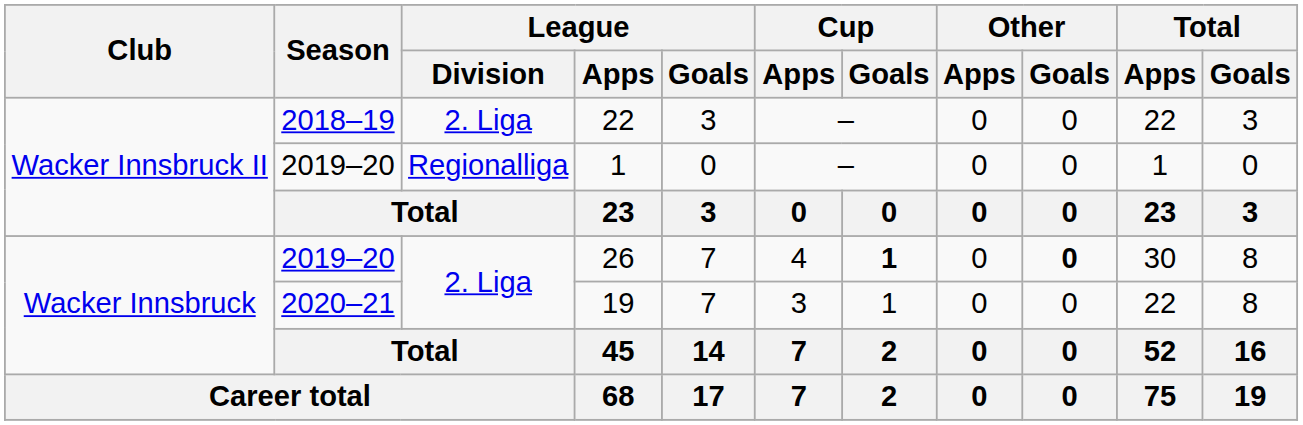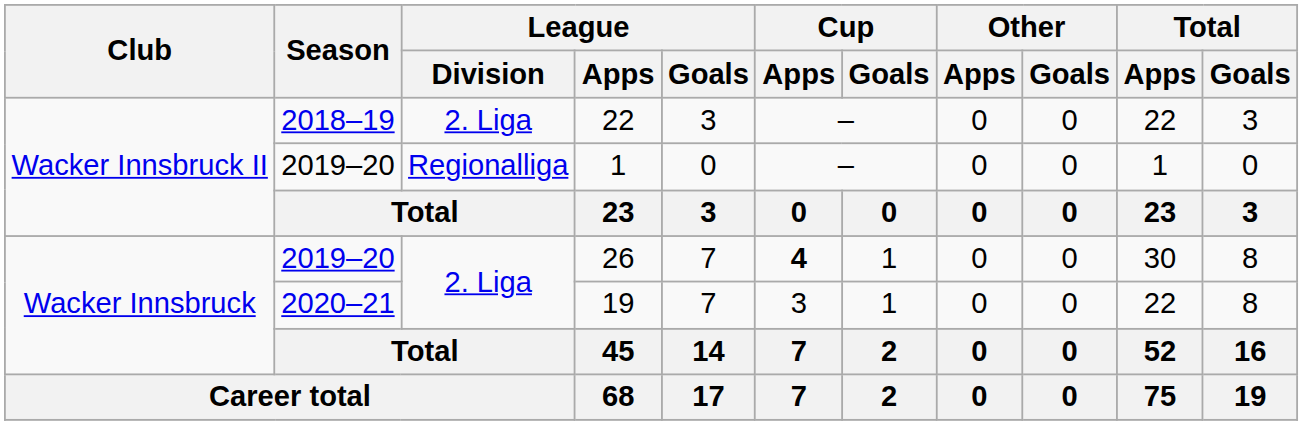 <table class="wikitable" style="text-align: center">
 <tr>
 <th rowspan="2">Club</th>
 <th rowspan="2">Season</th>
 <th colspan="3">League</th>
 <th colspan="2">Cup</th>
 <th colspan="2">Other</th>
 <th colspan="2">Total</th>
 </tr>
 <tr>
 <th>Division</th>
 <th>Apps</th>
 <th>Goals</th>
 <th>Apps</th>
 <th>Goals</th>
 <th>Apps</th>
 <th>Goals</th>
 <th>Apps</th>
 <th>Goals</th>
 </tr>
 <tr>
 <td rowspan="3"><a href='#'>Wacker Innsbruck II</a></td>
 <td><a href='#'>2018–19</a></td>
 <td><a href='#'>2. Liga</a></td>
 <td>22</td>
 <td>3</td>
 <td colspan="2">–</td>
 <td>0</td>
 <td>0</td>
 <td>22</td>
 <td>3</td>
 </tr>
 <tr>
 <td>2019–20</td>
 <td><a href='#'>Regionalliga</a></td>
 <td>1</td>
 <td>0</td>
 <td colspan="2">–</td>
 <td>0</td>
 <td>0</td>
 <td>1</td>
 <td>0</td>
 </tr>
 <tr>
 <th colspan=2>Total</th>
 <th>23</th>
 <th>3</th>
 <th>0</th>
 <th>0</th>
 <th>0</th>
 <th>0</th>
 <th>23</th>
 <th>3</th>
 </tr>
 <tr>
 <td rowspan="3"><a href='#'>Wacker Innsbruck</a></td>
 <td><a href='#'>2019–20</a></td>
 <td rowspan="2"><a href='#'>2. Liga</a></td>
 <td>26</td>
 <td>7</td>
-<td>4</td>
-<td><strong>1</strong></td>
+<td><strong>4</strong></td>
+<td>1</td>
 <td>0</td>
-<td><strong>0</strong></td>
+<td>0</td>
 <td>30</td>
 <td>8</td>
 </tr>
 <tr>
 <td><a href='#'>2020–21</a></td>
 <td>19</td>
 <td>7</td>
 <td>3</td>
 <td>1</td>
 <td>0</td>
 <td>0</td>
 <td>22</td>
 <td>8</td>
 </tr>
 <tr>
 <th colspan=2>Total</th>
 <th>45</th>
 <th>14</th>
 <th>7</th>
 <th>2</th>
 <th>0</th>
 <th>0</th>
 <th>52</th>
 <th>16</th>
 </tr>
 <tr>
 <th colspan=3>Career total</th>
 <th>68</th>
 <th>17</th>
 <th>7</th>
 <th>2</th>
 <th>0</th>
 <th>0</th>
 <th>75</th>
 <th>19</th>
 </tr>
 </table>
